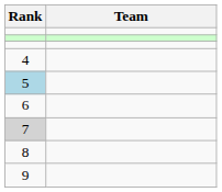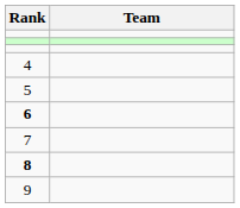 <table class=wikitable style="text-align:center;">
 <tr>
 <th>Rank</th>
 <th width=180>Team</th>
 </tr>
 <tr>
 <td></td>
 <td align=left></td>
 </tr>
 <tr bgcolor=#CCFFCC>
 <td></td>
 <td align=left></td>
 </tr>
 <tr>
 <td></td>
 <td align=left></td>
 </tr>
 <tr>
 <td>4</td>
 <td align=left></td>
 </tr>
 <tr>
-<td style="background: lightblue;">5</td>
+<td>5</td>
 <td align=left></td>
 </tr>
 <tr>
-<td>6</td>
+<td><strong>6</strong></td>
 <td align=left></td>
 </tr>
 <tr>
-<td style="background: lightgrey;">7</td>
+<td>7</td>
 <td align=left></td>
 </tr>
 <tr>
-<td>8</td>
+<td><strong>8</strong></td>
 <td align=left></td>
 </tr>
 <tr>
 <td>9</td>
 <td align=left></td>
 </tr>
 </table>
